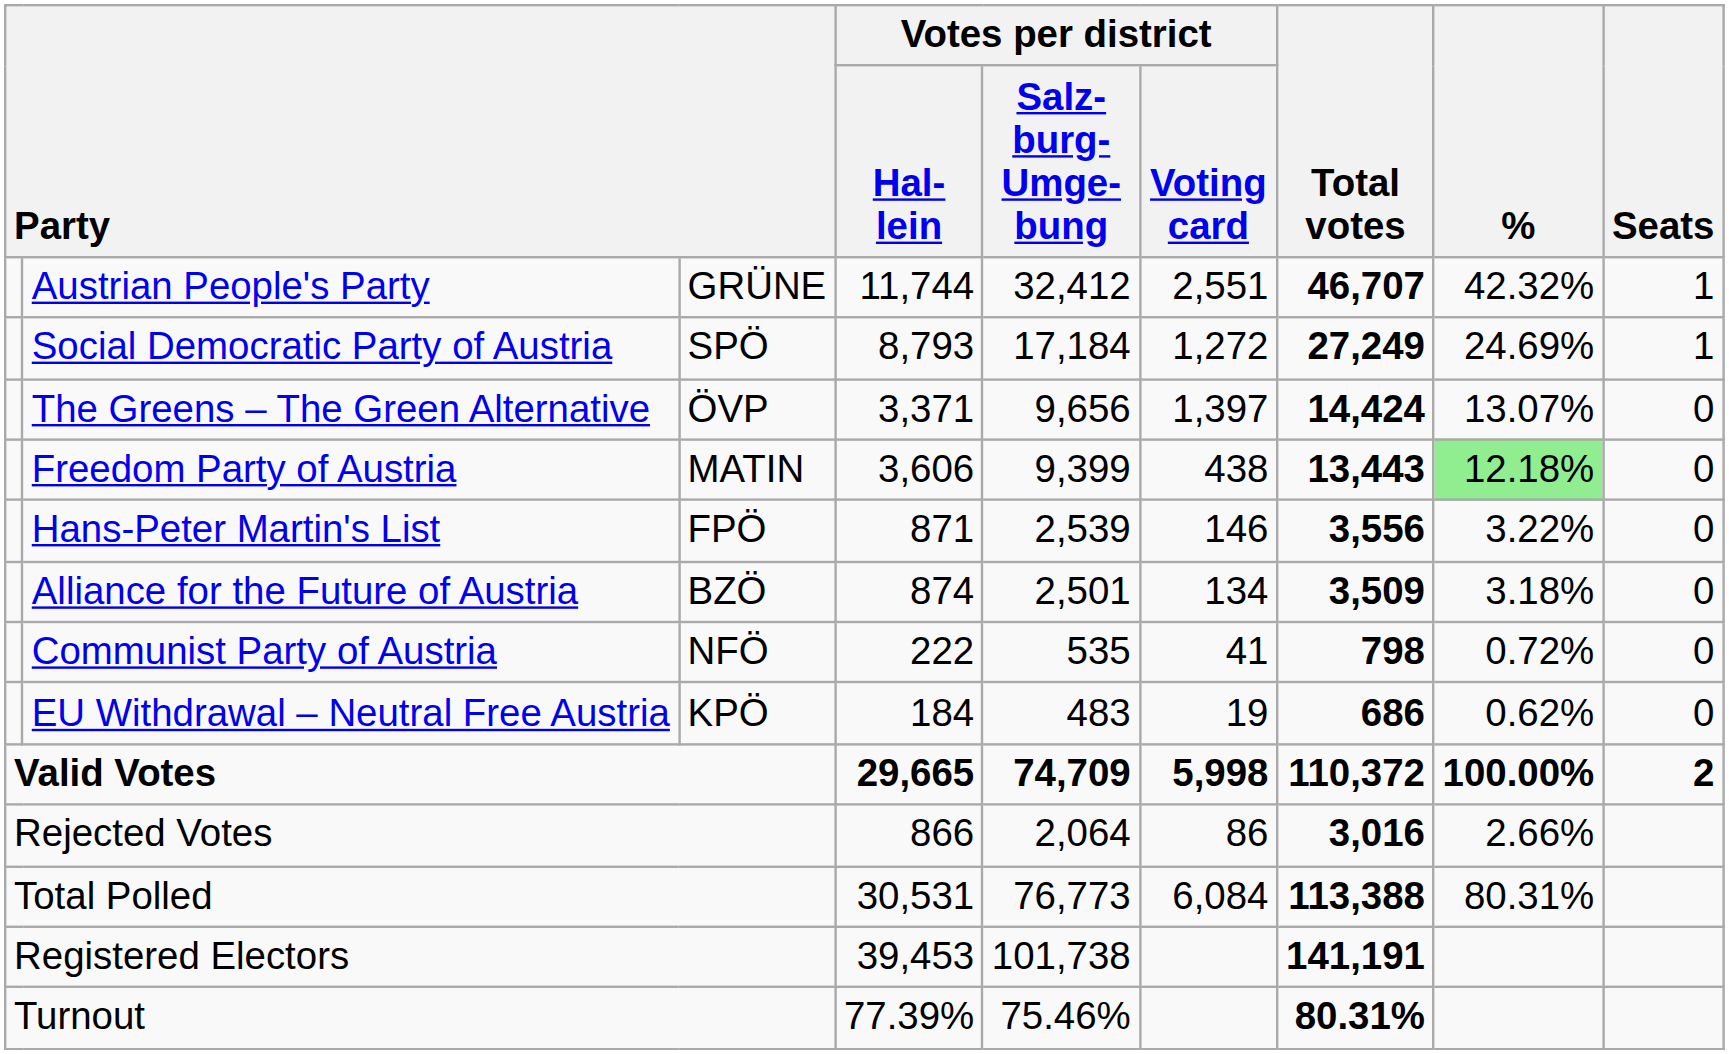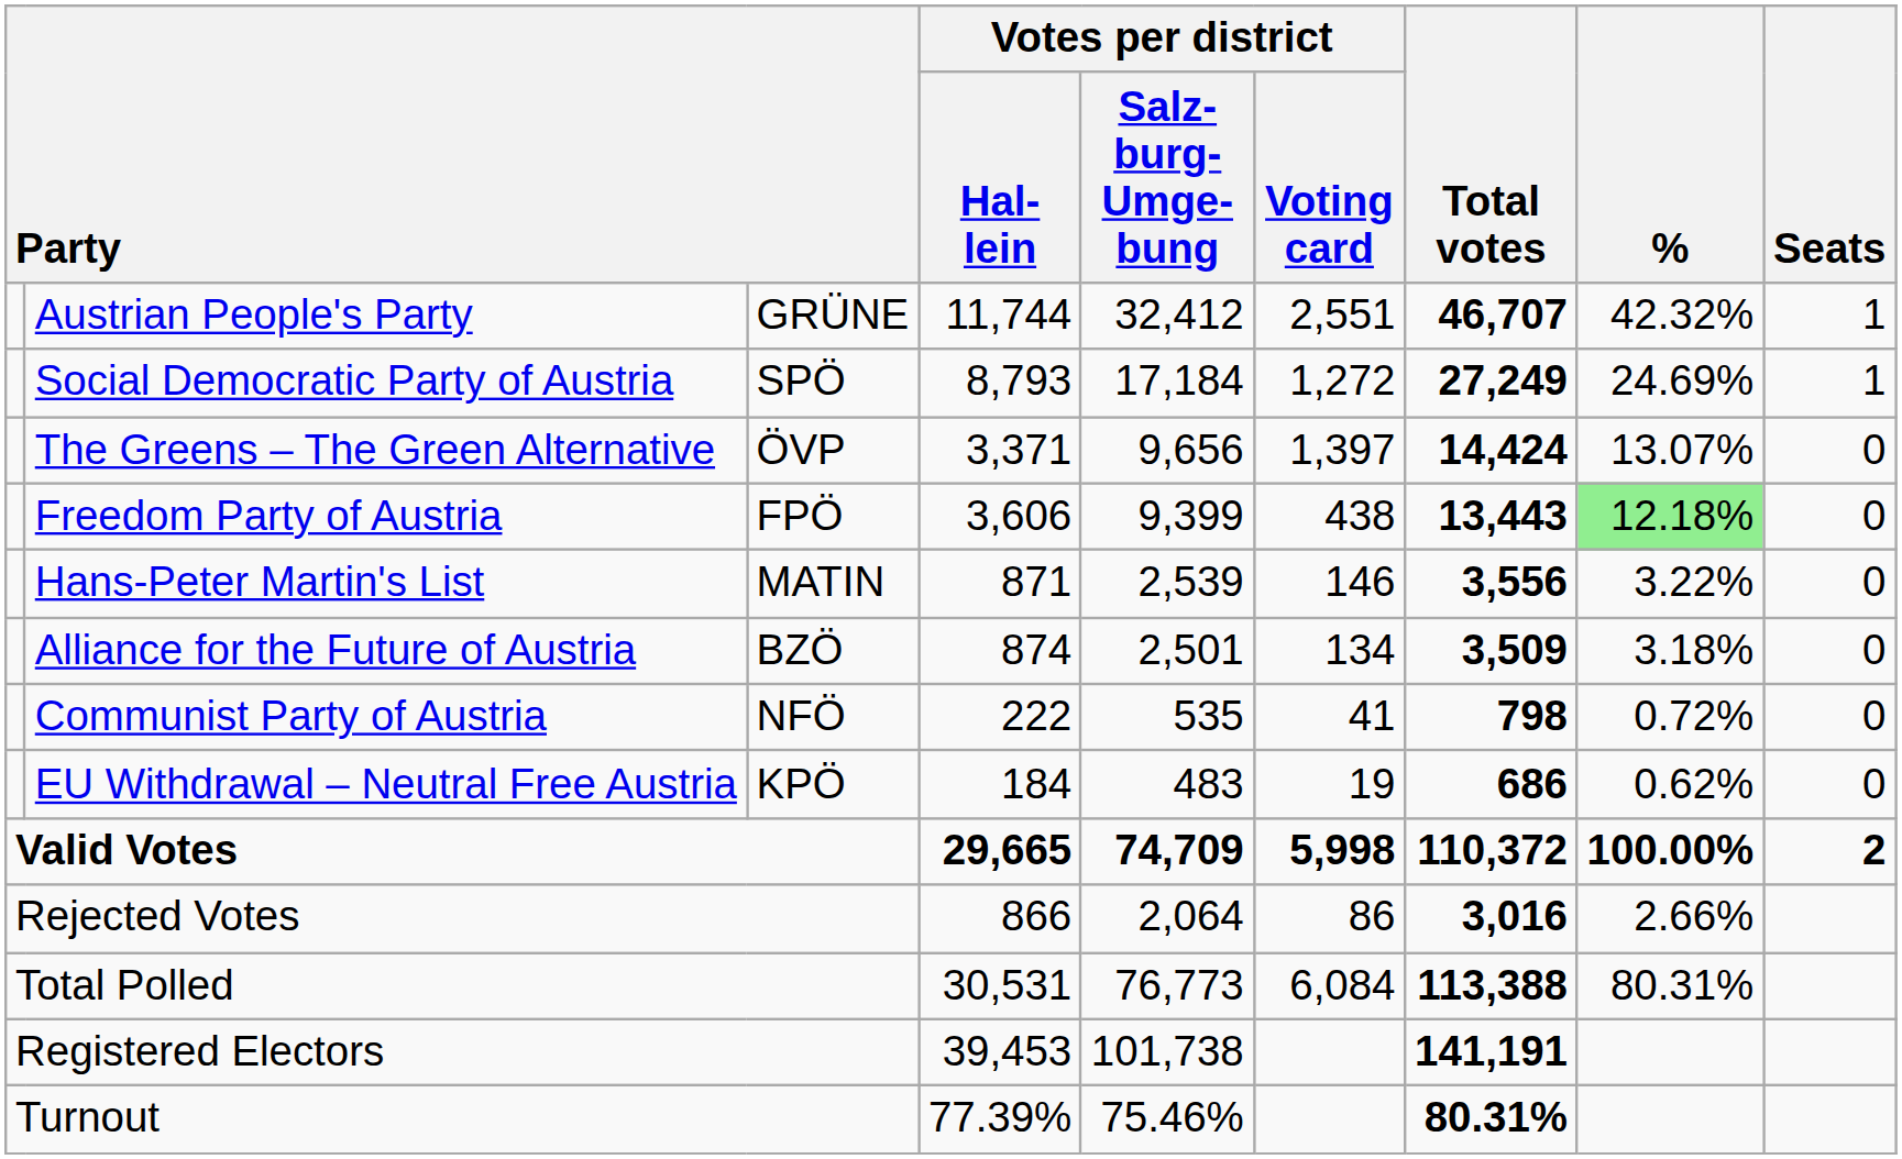 <table class="wikitable" border="1" style="text-align:right;">
 <tr>
 <th style="text-align:left;" valign=bottom rowspan=2 colspan=3>Party</th>
 <th colspan=3>Votes per district</th>
 <th align=center valign=bottom rowspan=2 width="50">Total<br>votes</th>
 <th align=center valign=bottom rowspan=2 width="50">%</th>
 <th align=center valign=bottom rowspan=2>Seats</th>
 </tr>
 <tr>
 <th align=center valign=bottom width="50"><a href='#'>Hal-<br>lein</a></th>
 <th align=center valign=bottom width="50"><a href='#'>Salz-<br>burg-<br>Umge-<br>bung</a></th>
 <th align=center valign=bottom width="50"><a href='#'>Voting<br>card</a></th>
 </tr>
 <tr>
 <td></td>
 <td align=left><a href='#'>Austrian People's Party</a></td>
 <td align=left>GRÜNE</td>
 <td>11,744</td>
 <td>32,412</td>
 <td>2,551</td>
 <td><strong>46,707</strong></td>
 <td>42.32%</td>
 <td>1</td>
 </tr>
 <tr>
 <td></td>
 <td align=left><a href='#'>Social Democratic Party of Austria</a></td>
 <td align=left>SPÖ</td>
 <td>8,793</td>
 <td>17,184</td>
 <td>1,272</td>
 <td><strong>27,249</strong></td>
 <td>24.69%</td>
 <td>1</td>
 </tr>
 <tr>
 <td></td>
 <td align=left style="white-space: nowrap;"><a href='#'>The Greens – The Green Alternative</a></td>
 <td align=left>ÖVP</td>
 <td>3,371</td>
 <td>9,656</td>
 <td>1,397</td>
 <td><strong>14,424</strong></td>
 <td>13.07%</td>
 <td>0</td>
 </tr>
 <tr>
 <td></td>
 <td align=left><a href='#'>Freedom Party of Austria</a></td>
-<td align=left>MATIN</td>
+<td align=left>FPÖ</td>
 <td>3,606</td>
 <td>9,399</td>
 <td>438</td>
 <td><strong>13,443</strong></td>
 <td style="background: lightgreen;">12.18%</td>
 <td>0</td>
 </tr>
 <tr>
 <td></td>
 <td align=left><a href='#'>Hans-Peter Martin's List</a></td>
-<td align=left>FPÖ</td>
+<td align=left>MATIN</td>
 <td>871</td>
 <td>2,539</td>
 <td>146</td>
 <td><strong>3,556</strong></td>
 <td>3.22%</td>
 <td>0</td>
 </tr>
 <tr>
 <td></td>
 <td align=left><a href='#'>Alliance for the Future of Austria</a></td>
 <td align=left>BZÖ</td>
 <td>874</td>
 <td>2,501</td>
 <td>134</td>
 <td><strong>3,509</strong></td>
 <td>3.18%</td>
 <td>0</td>
 </tr>
 <tr>
 <td></td>
 <td align=left><a href='#'>Communist Party of Austria</a></td>
 <td align=left>NFÖ</td>
 <td>222</td>
 <td>535</td>
 <td>41</td>
 <td><strong>798</strong></td>
 <td>0.72%</td>
 <td>0</td>
 </tr>
 <tr>
 <td></td>
 <td align=left><a href='#'>EU Withdrawal – Neutral Free Austria</a></td>
 <td align=left>KPÖ</td>
 <td>184</td>
 <td>483</td>
 <td>19</td>
 <td><strong>686</strong></td>
 <td>0.62%</td>
 <td>0</td>
 </tr>
 <tr style="font-weight:bold">
 <td align=left colspan=3>Valid Votes</td>
 <td>29,665</td>
 <td>74,709</td>
 <td>5,998</td>
 <td>110,372</td>
 <td>100.00%</td>
 <td>2</td>
 </tr>
 <tr>
 <td align=left colspan=3>Rejected Votes</td>
 <td>866</td>
 <td>2,064</td>
 <td>86</td>
 <td><strong>3,016</strong></td>
 <td>2.66%</td>
 <td></td>
 </tr>
 <tr>
 <td align=left colspan=3>Total Polled</td>
 <td>30,531</td>
 <td>76,773</td>
 <td>6,084</td>
 <td><strong>113,388</strong></td>
 <td>80.31%</td>
 <td></td>
 </tr>
 <tr>
 <td align=left colspan=3>Registered Electors</td>
 <td>39,453</td>
 <td>101,738</td>
 <td></td>
 <td><strong>141,191</strong></td>
 <td></td>
 <td></td>
 </tr>
 <tr>
 <td align=left colspan=3>Turnout</td>
 <td>77.39%</td>
 <td>75.46%</td>
 <td></td>
 <td><strong>80.31%</strong></td>
 <td></td>
 <td></td>
 </tr>
 </table>
